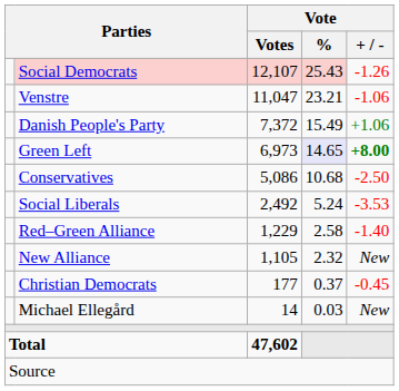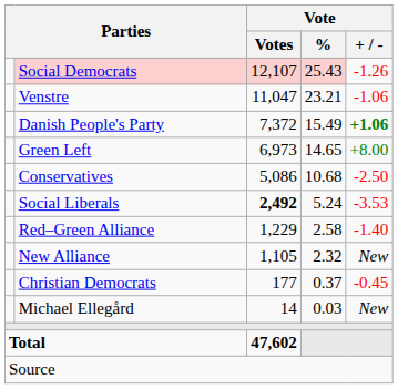 <table class="wikitable" style="text-align:right;">
 <tr>
 <th style="text-align:centre;" rowspan="2" colspan="2" width="225">Parties</th>
 <th colspan="3">Vote</th>
 </tr>
 <tr>
 <th width="15">Votes</th>
 <th width="15">%</th>
 <th width="15">+ / -</th>
 </tr>
 <tr>
 <td width="2" style="color:inherit;background:"></td>
 <td bgcolor=#fbd0ce  align="left"><a href='#'>Social Democrats</a></td>
 <td bgcolor=#fbd0ce>12,107</td>
 <td bgcolor=#fbd0ce>25.43</td>
 <td style=color:red;>-1.26</td>
 </tr>
 <tr>
 <td width="2" style="color:inherit;background:"></td>
 <td align="left"><a href='#'>Venstre</a></td>
 <td>11,047</td>
 <td>23.21</td>
 <td style=color:red;>-1.06</td>
 </tr>
 <tr>
 <td width="2" style="color:inherit;background:"></td>
 <td align="left"><a href='#'>Danish People's Party</a></td>
 <td>7,372</td>
 <td>15.49</td>
-<td style=color:green;>+1.06</td>
+<td style=color:green;><strong>+1.06</strong></td>
 </tr>
 <tr>
 <td width="2" style="color:inherit;background:"></td>
 <td align="left"><a href='#'>Green Left</a></td>
 <td>6,973</td>
-<td style="background: lavender;">14.65</td>
-<td style=color:green;><strong>+8.00</strong></td>
+<td>14.65</td>
+<td style=color:green;>+8.00</td>
 </tr>
 <tr>
 <td width="2" style="color:inherit;background:"></td>
 <td align="left"><a href='#'>Conservatives</a></td>
 <td>5,086</td>
 <td>10.68</td>
 <td style=color:red;>-2.50</td>
 </tr>
 <tr>
 <td width="2" style="color:inherit;background:"></td>
 <td align="left"><a href='#'>Social Liberals</a></td>
-<td>2,492</td>
+<td><strong>2,492</strong></td>
 <td>5.24</td>
 <td style=color:red;>-3.53</td>
 </tr>
 <tr>
 <td width="2" style="color:inherit;background:"></td>
 <td align="left"><a href='#'>Red–Green Alliance</a></td>
 <td>1,229</td>
 <td>2.58</td>
 <td style=color:red;>-1.40</td>
 </tr>
 <tr>
 <td width="2" style="color:inherit;background:"></td>
 <td align="left"><a href='#'>New Alliance</a></td>
 <td>1,105</td>
 <td>2.32</td>
 <td><em>New</em></td>
 </tr>
 <tr>
 <td width="2" style="color:inherit;background:"></td>
 <td align="left"><a href='#'>Christian Democrats</a></td>
 <td>177</td>
 <td>0.37</td>
 <td style=color:red;>-0.45</td>
 </tr>
 <tr>
 <td width="2" style="color:inherit;background:"></td>
 <td align="left">Michael Ellegård</td>
 <td>14</td>
 <td>0.03</td>
 <td><em>New</em></td>
 </tr>
 <tr>
 <td colspan="7" bgcolor="#E9E9E9"></td>
 </tr>
 <tr>
 <td align="left" colspan="2"><strong>Total</strong></td>
 <td><strong>47,602</strong></td>
 <td bgcolor="#E9E9E9" colspan="2"></td>
 </tr>
 <tr>
 <td align="left" colspan="6">Source</td>
 </tr>
 </table>
